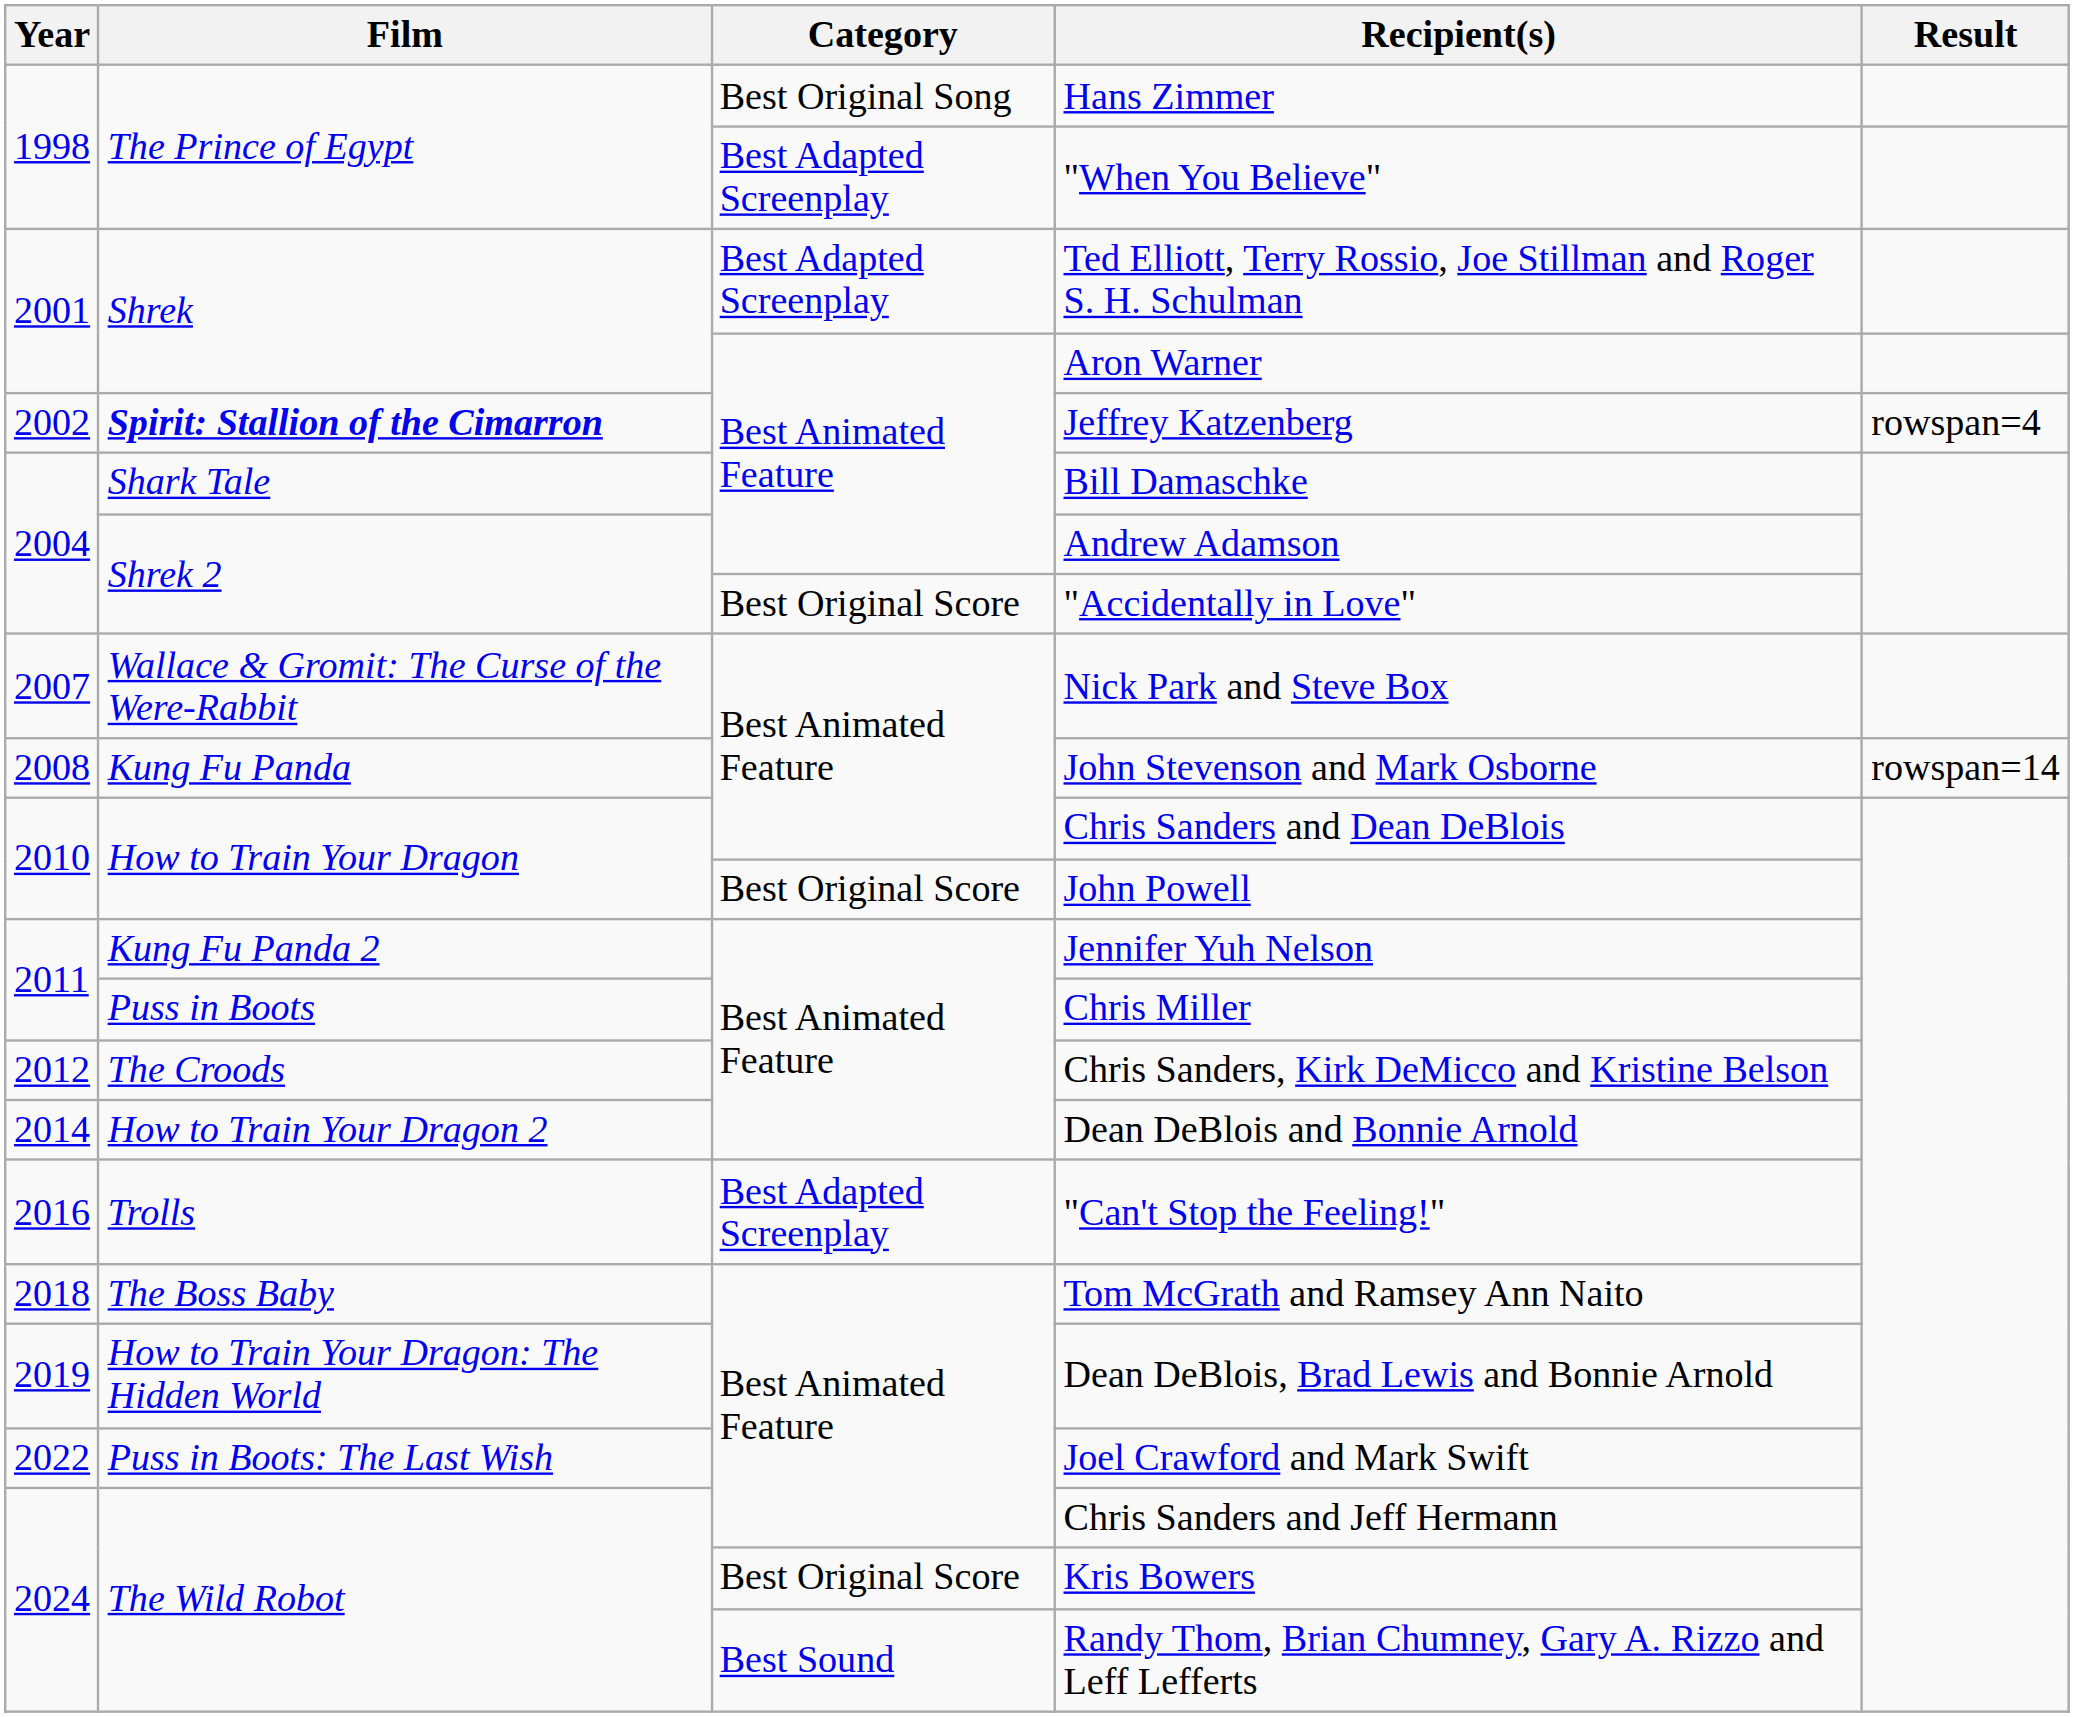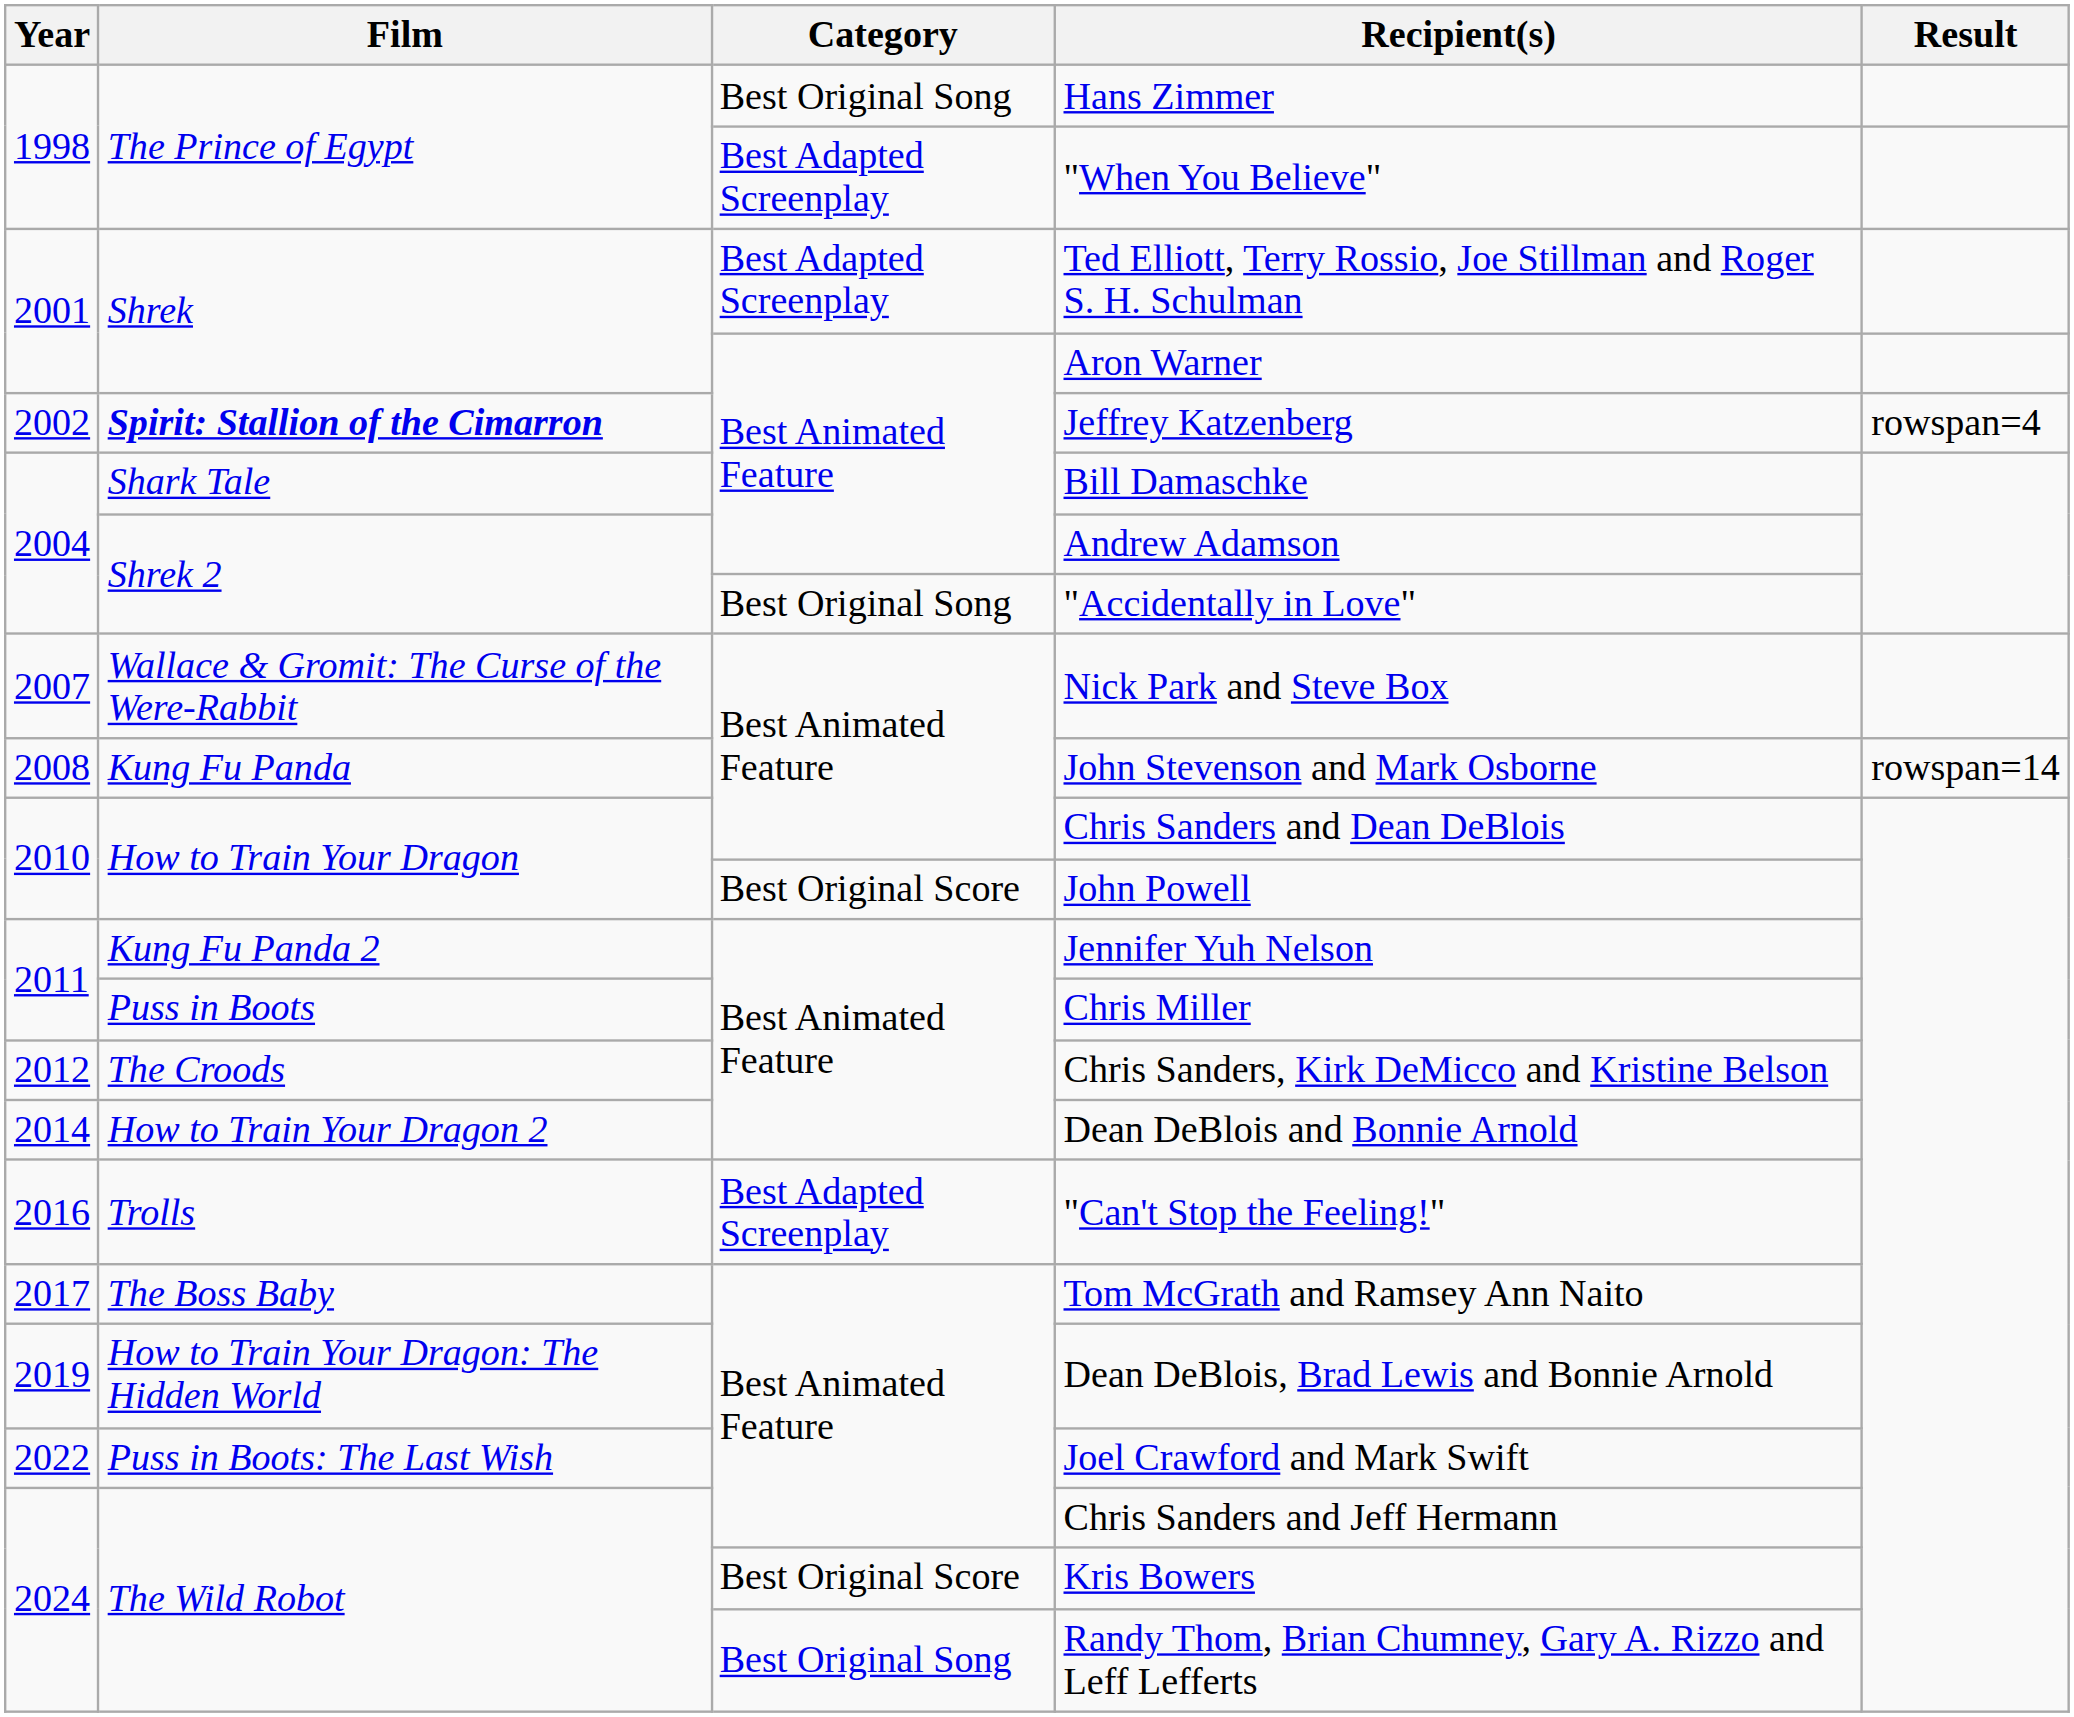 <table class="wikitable">
 <tr>
 <th>Year</th>
 <th>Film</th>
 <th>Category</th>
 <th>Recipient(s)</th>
 <th>Result</th>
 </tr>
 <tr>
 <td rowspan=2><a href='#'>1998</a></td>
 <td rowspan=2><em><a href='#'>The Prince of Egypt</a></em></td>
 <td>Best Original Song</td>
 <td><a href='#'>Hans Zimmer</a></td>
 <td></td>
 </tr>
 <tr>
 <td><a href='#'>Best Adapted Screenplay</a></td>
 <td>"<a href='#'>When You Believe</a>"</td>
 <td></td>
 </tr>
 <tr>
 <td rowspan=2><a href='#'>2001</a></td>
 <td rowspan=2><em><a href='#'>Shrek</a></em></td>
 <td><a href='#'>Best Adapted Screenplay</a></td>
 <td><a href='#'>Ted Elliott</a>, <a href='#'>Terry Rossio</a>, <a href='#'>Joe Stillman</a> and <a href='#'>Roger S. H. Schulman</a></td>
 <td></td>
 </tr>
 <tr>
 <td rowspan=4><a href='#'>Best Animated Feature</a></td>
 <td><a href='#'>Aron Warner</a></td>
 <td></td>
 </tr>
 <tr>
 <td><a href='#'>2002</a></td>
 <td><strong><em><a href='#'>Spirit: Stallion of the Cimarron</a></em></strong></td>
 <td><a href='#'>Jeffrey Katzenberg</a></td>
 <td>rowspan=4 </td>
 </tr>
 <tr>
 <td rowspan=3><a href='#'>2004</a></td>
 <td><em><a href='#'>Shark Tale</a></em></td>
 <td><a href='#'>Bill Damaschke</a></td>
 </tr>
 <tr>
 <td rowspan=2><em><a href='#'>Shrek 2</a></em></td>
 <td><a href='#'>Andrew Adamson</a></td>
 </tr>
 <tr>
-<td>Best Original Score</td>
+<td>Best Original Song</td>
 <td>"<a href='#'>Accidentally in Love</a>"</td>
 </tr>
 <tr>
 <td><a href='#'>2007</a></td>
 <td><em><a href='#'>Wallace & Gromit: The Curse of the Were-Rabbit</a></em></td>
 <td rowspan=3>Best Animated Feature</td>
 <td><a href='#'>Nick Park</a> and <a href='#'>Steve Box</a></td>
 <td></td>
 </tr>
 <tr>
 <td><a href='#'>2008</a></td>
 <td><em><a href='#'>Kung Fu Panda</a></em></td>
 <td><a href='#'>John Stevenson</a> and <a href='#'>Mark Osborne</a></td>
 <td>rowspan=14 </td>
 </tr>
 <tr>
 <td rowspan=2><a href='#'>2010</a></td>
 <td rowspan=2><em><a href='#'>How to Train Your Dragon</a></em></td>
 <td><a href='#'>Chris Sanders</a> and <a href='#'>Dean DeBlois</a></td>
 </tr>
 <tr>
 <td>Best Original Score</td>
 <td><a href='#'>John Powell</a></td>
 </tr>
 <tr>
 <td rowspan=2><a href='#'>2011</a></td>
 <td><em><a href='#'>Kung Fu Panda 2</a></em></td>
 <td rowspan=4>Best Animated Feature</td>
 <td><a href='#'>Jennifer Yuh Nelson</a></td>
 </tr>
 <tr>
 <td><em><a href='#'>Puss in Boots</a></em></td>
 <td><a href='#'>Chris Miller</a></td>
 </tr>
 <tr>
 <td><a href='#'>2012</a></td>
 <td><em><a href='#'>The Croods</a></em></td>
 <td>Chris Sanders, <a href='#'>Kirk DeMicco</a> and <a href='#'>Kristine Belson</a></td>
 </tr>
 <tr>
 <td><a href='#'>2014</a></td>
 <td><em><a href='#'>How to Train Your Dragon 2</a></em></td>
 <td>Dean DeBlois and <a href='#'>Bonnie Arnold</a></td>
 </tr>
 <tr>
 <td><a href='#'>2016</a></td>
 <td><em><a href='#'>Trolls</a></em></td>
 <td><a href='#'>Best Adapted Screenplay</a></td>
 <td>"<a href='#'>Can't Stop the Feeling!</a>"</td>
 </tr>
 <tr>
-<td><a href='#'>2018</a></td>
+<td><a href='#'>2017</a></td>
 <td><em><a href='#'>The Boss Baby</a></em></td>
 <td rowspan=4>Best Animated Feature</td>
 <td><a href='#'>Tom McGrath</a> and Ramsey Ann Naito</td>
 </tr>
 <tr>
 <td><a href='#'>2019</a></td>
 <td><em><a href='#'>How to Train Your Dragon: The Hidden World</a></em></td>
 <td>Dean DeBlois, <a href='#'>Brad Lewis</a> and Bonnie Arnold</td>
 </tr>
 <tr>
 <td><a href='#'>2022</a></td>
 <td><em><a href='#'>Puss in Boots: The Last Wish</a></em></td>
 <td><a href='#'>Joel Crawford</a> and Mark Swift</td>
 </tr>
 <tr>
 <td rowspan=3><a href='#'>2024</a></td>
 <td rowspan=3><em><a href='#'>The Wild Robot</a></em></td>
 <td>Chris Sanders and Jeff Hermann</td>
 </tr>
 <tr>
 <td>Best Original Score</td>
 <td><a href='#'>Kris Bowers</a></td>
 </tr>
 <tr>
-<td><a href='#'>Best Sound</a></td>
+<td><a href='#'>Best Original Song</a></td>
 <td><a href='#'>Randy Thom</a>, <a href='#'>Brian Chumney</a>, <a href='#'>Gary A. Rizzo</a> and Leff Lefferts</td>
 </tr>
 </table>
